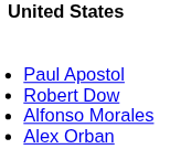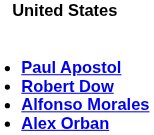 <table>
 <tr>
 <th>United States</th>
 </tr>
 <tr>
-<td><br><ul><li><a href='#'>Paul Apostol</a></li><li><a href='#'>Robert Dow</a></li><li><a href='#'>Alfonso Morales</a></li><li><a href='#'>Alex Orban</a></li></ul></td>
+<td><strong><br><ul><li><a href='#'>Paul Apostol</a></li><li><a href='#'>Robert Dow</a></li><li><a href='#'>Alfonso Morales</a></li><li><a href='#'>Alex Orban</a></li></ul></strong></td>
 </tr>
 </table>
